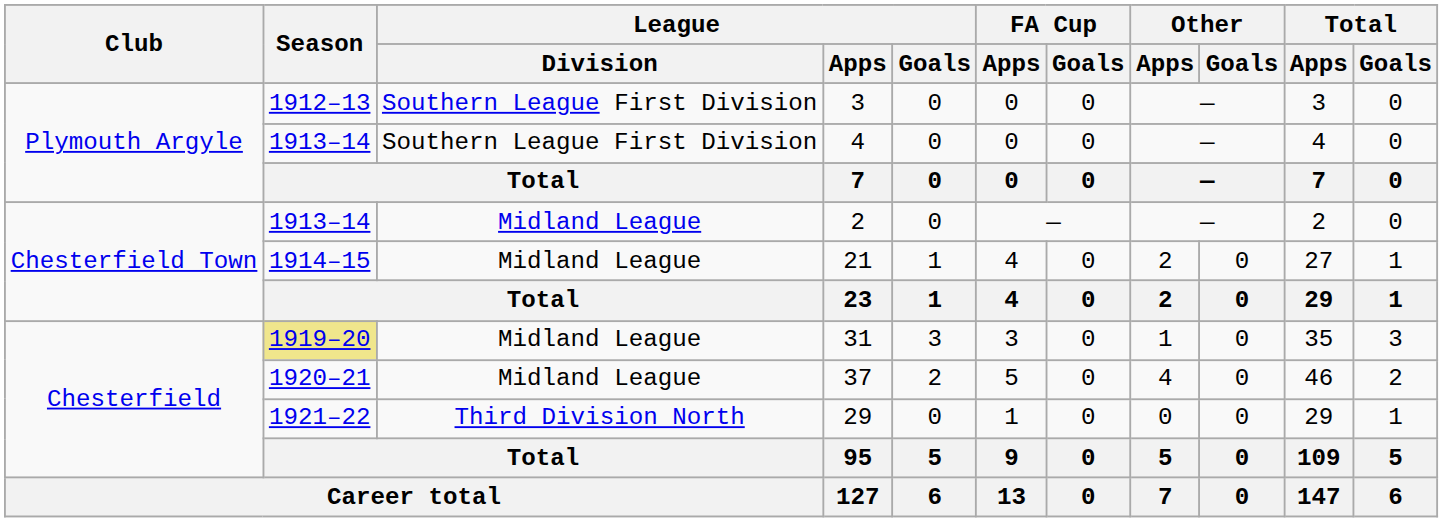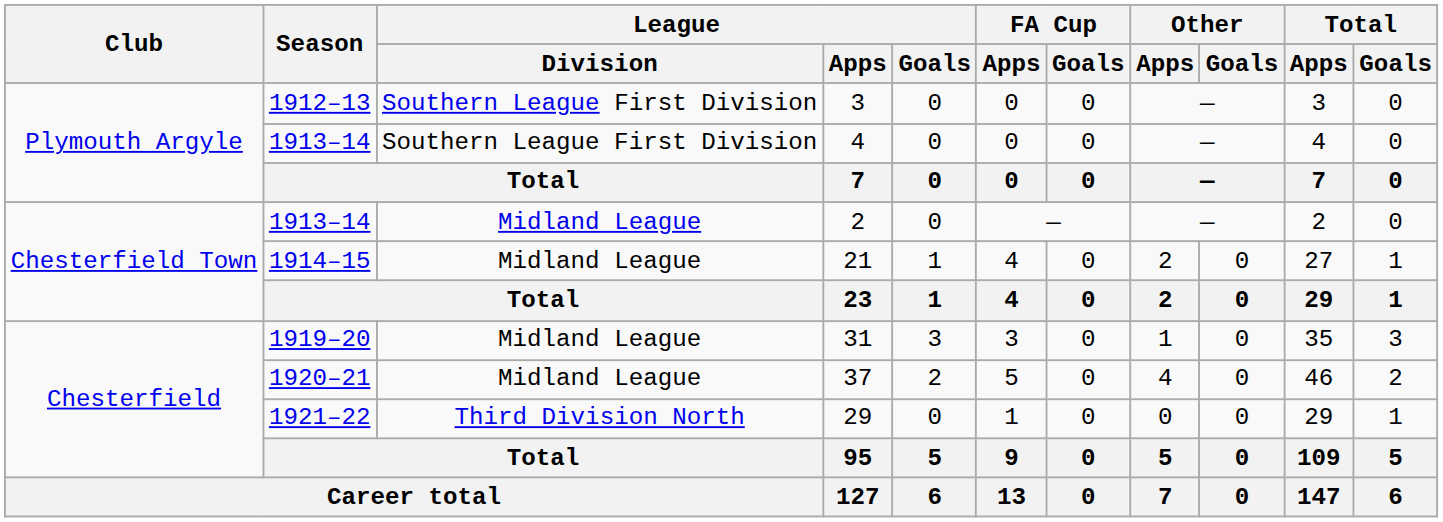 <table class="wikitable" style="text-align: center;">
 <tr>
 <th rowspan="2">Club</th>
 <th rowspan="2">Season</th>
 <th colspan="3">League</th>
 <th colspan="2">FA Cup</th>
 <th colspan="2">Other</th>
 <th colspan="2">Total</th>
 </tr>
 <tr>
 <th>Division</th>
 <th>Apps</th>
 <th>Goals</th>
 <th>Apps</th>
 <th>Goals</th>
 <th>Apps</th>
 <th>Goals</th>
 <th>Apps</th>
 <th>Goals</th>
 </tr>
 <tr>
 <td rowspan="3"><a href='#'>Plymouth Argyle</a></td>
 <td><a href='#'>1912–13</a></td>
 <td><a href='#'>Southern League</a> First Division</td>
 <td>3</td>
 <td>0</td>
 <td>0</td>
 <td>0</td>
 <td colspan="2">—</td>
 <td>3</td>
 <td>0</td>
 </tr>
 <tr>
 <td><a href='#'>1913–14</a></td>
 <td>Southern League First Division</td>
 <td>4</td>
 <td>0</td>
 <td>0</td>
 <td>0</td>
 <td colspan="2">—</td>
 <td>4</td>
 <td>0</td>
 </tr>
 <tr>
 <th colspan="2">Total</th>
 <th>7</th>
 <th>0</th>
 <th>0</th>
 <th>0</th>
 <th colspan="2">—</th>
 <th>7</th>
 <th>0</th>
 </tr>
 <tr>
 <td rowspan="3"><a href='#'>Chesterfield Town</a></td>
 <td><a href='#'>1913–14</a></td>
 <td><a href='#'>Midland League</a></td>
 <td>2</td>
 <td>0</td>
 <td colspan="2">—</td>
 <td colspan="2">—</td>
 <td>2</td>
 <td>0</td>
 </tr>
 <tr>
 <td><a href='#'>1914–15</a></td>
 <td>Midland League</td>
 <td>21</td>
 <td>1</td>
 <td>4</td>
 <td>0</td>
 <td>2</td>
 <td>0</td>
 <td>27</td>
 <td>1</td>
 </tr>
 <tr>
 <th colspan="2">Total</th>
 <th>23</th>
 <th>1</th>
 <th>4</th>
 <th>0</th>
 <th>2</th>
 <th>0</th>
 <th>29</th>
 <th>1</th>
 </tr>
 <tr>
 <td rowspan="4"><a href='#'>Chesterfield</a></td>
-<td style="background: khaki;"><a href='#'>1919–20</a></td>
+<td><a href='#'>1919–20</a></td>
 <td>Midland League</td>
 <td>31</td>
 <td>3</td>
 <td>3</td>
 <td>0</td>
 <td>1</td>
 <td>0</td>
 <td>35</td>
 <td>3</td>
 </tr>
 <tr>
 <td><a href='#'>1920–21</a></td>
 <td>Midland League</td>
 <td>37</td>
 <td>2</td>
 <td>5</td>
 <td>0</td>
 <td>4</td>
 <td>0</td>
 <td>46</td>
 <td>2</td>
 </tr>
 <tr>
 <td><a href='#'>1921–22</a></td>
 <td><a href='#'>Third Division North</a></td>
 <td>29</td>
 <td>0</td>
 <td>1</td>
 <td>0</td>
 <td>0</td>
 <td>0</td>
 <td>29</td>
 <td>1</td>
 </tr>
 <tr>
 <th colspan="2">Total</th>
 <th>95</th>
 <th>5</th>
 <th>9</th>
 <th>0</th>
 <th>5</th>
 <th>0</th>
 <th>109</th>
 <th>5</th>
 </tr>
 <tr>
 <th colspan="3">Career total</th>
 <th>127</th>
 <th>6</th>
 <th>13</th>
 <th>0</th>
 <th>7</th>
 <th>0</th>
 <th>147</th>
 <th>6</th>
 </tr>
 </table>
